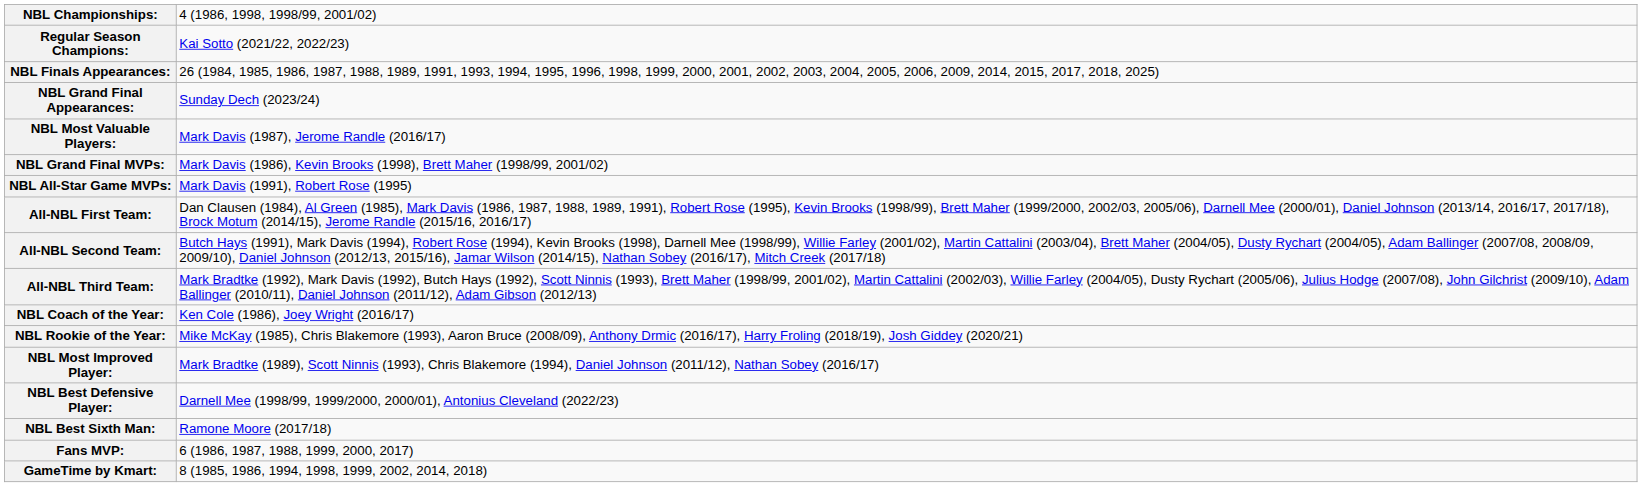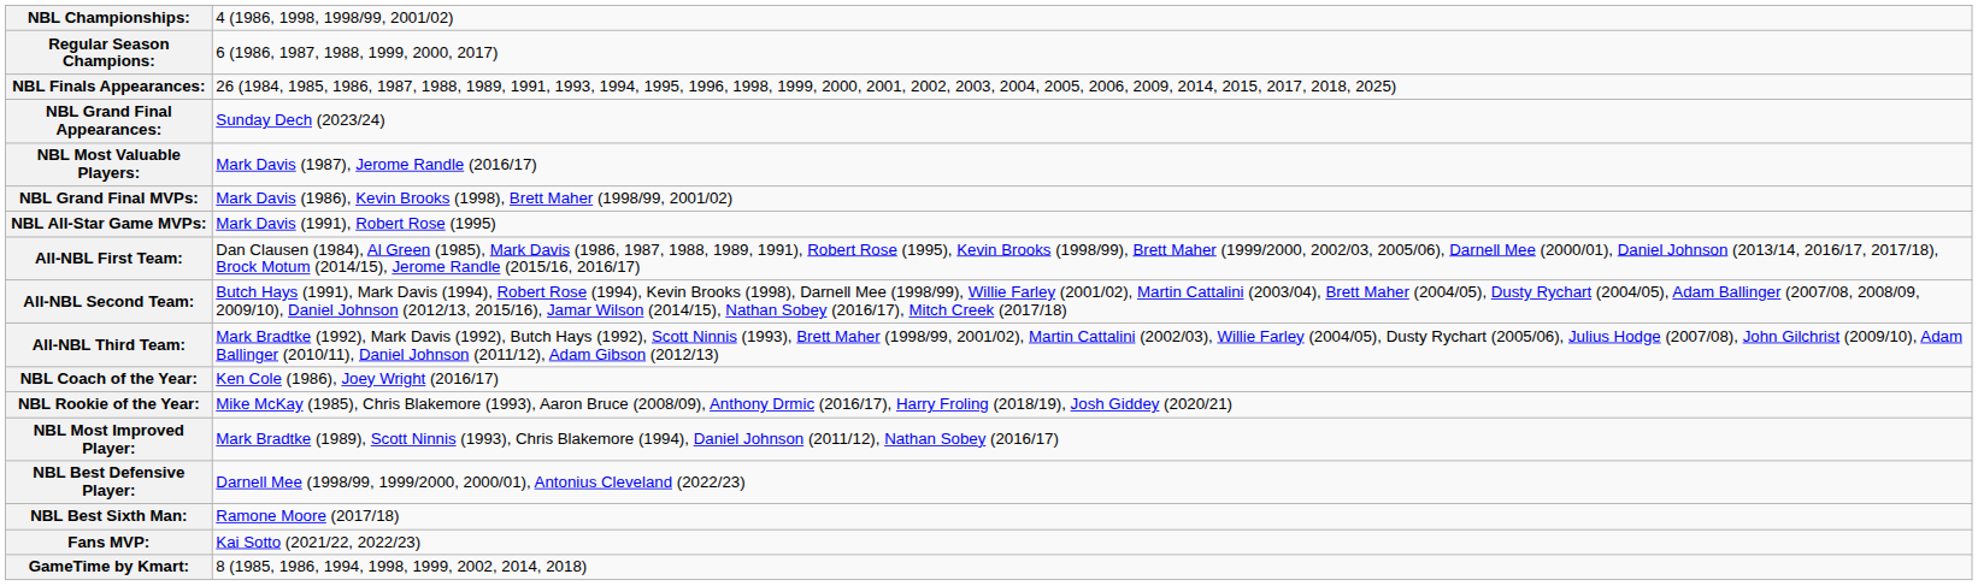 <table class="wikitable">
 <tr align=left>
 <th>NBL Championships:</th>
 <td>4 (1986, 1998, 1998/99, 2001/02)</td>
 </tr>
 <tr>
 <th>Regular Season Champions:</th>
-<td><a href='#'>Kai Sotto</a> (2021/22, 2022/23)</td>
+<td>6 (1986, 1987, 1988, 1999, 2000, 2017)</td>
 </tr>
 <tr>
 <th>NBL Finals Appearances:</th>
 <td>26 (1984, 1985, 1986, 1987, 1988, 1989, 1991, 1993, 1994, 1995, 1996, 1998, 1999, 2000, 2001, 2002, 2003, 2004, 2005, 2006, 2009, 2014, 2015, 2017, 2018, 2025)</td>
 </tr>
 <tr>
 <th>NBL Grand Final Appearances:</th>
 <td><a href='#'>Sunday Dech</a> (2023/24)</td>
 </tr>
 <tr>
 <th>NBL Most Valuable Players:</th>
 <td><a href='#'>Mark Davis</a> (1987), <a href='#'>Jerome Randle</a> (2016/17)</td>
 </tr>
 <tr>
 <th>NBL Grand Final MVPs:</th>
 <td><a href='#'>Mark Davis</a> (1986), <a href='#'>Kevin Brooks</a> (1998), <a href='#'>Brett Maher</a> (1998/99, 2001/02)</td>
 </tr>
 <tr>
 <th>NBL All-Star Game MVPs:</th>
 <td><a href='#'>Mark Davis</a> (1991), <a href='#'>Robert Rose</a> (1995)</td>
 </tr>
 <tr>
 <th>All-NBL First Team:</th>
 <td>Dan Clausen (1984), <a href='#'>Al Green</a> (1985), <a href='#'>Mark Davis</a> (1986, 1987, 1988, 1989, 1991), <a href='#'>Robert Rose</a> (1995), <a href='#'>Kevin Brooks</a> (1998/99), <a href='#'>Brett Maher</a> (1999/2000, 2002/03, 2005/06), <a href='#'>Darnell Mee</a> (2000/01), <a href='#'>Daniel Johnson</a> (2013/14, 2016/17, 2017/18), <a href='#'>Brock Motum</a> (2014/15), <a href='#'>Jerome Randle</a> (2015/16, 2016/17)</td>
 </tr>
 <tr>
 <th>All-NBL Second Team:</th>
 <td><a href='#'>Butch Hays</a> (1991), Mark Davis (1994), <a href='#'>Robert Rose</a> (1994), Kevin Brooks (1998), Darnell Mee (1998/99), <a href='#'>Willie Farley</a> (2001/02), <a href='#'>Martin Cattalini</a> (2003/04), <a href='#'>Brett Maher</a> (2004/05), <a href='#'>Dusty Rychart</a> (2004/05), <a href='#'>Adam Ballinger</a> (2007/08, 2008/09, 2009/10), <a href='#'>Daniel Johnson</a> (2012/13, 2015/16), <a href='#'>Jamar Wilson</a> (2014/15), <a href='#'>Nathan Sobey</a> (2016/17), <a href='#'>Mitch Creek</a> (2017/18)</td>
 </tr>
 <tr>
 <th>All-NBL Third Team:</th>
 <td><a href='#'>Mark Bradtke</a> (1992), Mark Davis (1992), Butch Hays (1992), <a href='#'>Scott Ninnis</a> (1993), <a href='#'>Brett Maher</a> (1998/99, 2001/02), <a href='#'>Martin Cattalini</a> (2002/03), <a href='#'>Willie Farley</a> (2004/05), Dusty Rychart (2005/06), <a href='#'>Julius Hodge</a> (2007/08), <a href='#'>John Gilchrist</a> (2009/10), <a href='#'>Adam Ballinger</a> (2010/11), <a href='#'>Daniel Johnson</a> (2011/12), <a href='#'>Adam Gibson</a> (2012/13)</td>
 </tr>
 <tr>
 <th>NBL Coach of the Year:</th>
 <td><a href='#'>Ken Cole</a> (1986), <a href='#'>Joey Wright</a> (2016/17)</td>
 </tr>
 <tr>
 <th>NBL Rookie of the Year:</th>
 <td><a href='#'>Mike McKay</a> (1985), Chris Blakemore (1993), Aaron Bruce (2008/09), <a href='#'>Anthony Drmic</a> (2016/17), <a href='#'>Harry Froling</a> (2018/19), <a href='#'>Josh Giddey</a> (2020/21)</td>
 </tr>
 <tr>
 <th>NBL Most Improved Player:</th>
 <td><a href='#'>Mark Bradtke</a> (1989), <a href='#'>Scott Ninnis</a> (1993), Chris Blakemore (1994), <a href='#'>Daniel Johnson</a> (2011/12), <a href='#'>Nathan Sobey</a> (2016/17)</td>
 </tr>
 <tr>
 <th>NBL Best Defensive Player:</th>
 <td><a href='#'>Darnell Mee</a> (1998/99, 1999/2000, 2000/01), <a href='#'>Antonius Cleveland</a> (2022/23)</td>
 </tr>
 <tr>
 <th>NBL Best Sixth Man:</th>
 <td><a href='#'>Ramone Moore</a> (2017/18)</td>
 </tr>
 <tr>
 <th>Fans MVP:</th>
-<td>6 (1986, 1987, 1988, 1999, 2000, 2017)</td>
+<td><a href='#'>Kai Sotto</a> (2021/22, 2022/23)</td>
 </tr>
 <tr>
 <th>GameTime by Kmart:</th>
 <td>8 (1985, 1986, 1994, 1998, 1999, 2002, 2014, 2018)</td>
 </tr>
 </table>
